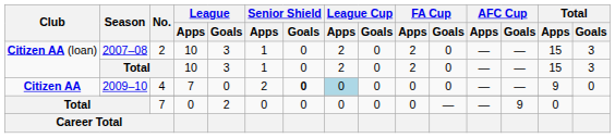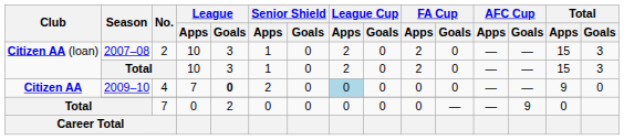 <table class="wikitable" style="text-align: center;">
 <tr>
 <th rowspan="2">Club</th>
 <th rowspan="2">Season</th>
 <th rowspan="2">No.</th>
 <th colspan="2"><a href='#'>League</a></th>
 <th colspan="2"><a href='#'>Senior Shield</a></th>
 <th colspan="2"><a href='#'>League Cup</a></th>
 <th colspan="2"><a href='#'>FA Cup</a></th>
 <th colspan="2"><a href='#'>AFC Cup</a></th>
 <th colspan="2">Total</th>
 </tr>
 <tr>
 <th>Apps</th>
 <th>Goals</th>
 <th>Apps</th>
 <th>Goals</th>
 <th>Apps</th>
 <th>Goals</th>
 <th>Apps</th>
 <th>Goals</th>
 <th>Apps</th>
 <th>Goals</th>
 <th>Apps</th>
 <th>Goals</th>
 </tr>
 <tr>
 <td rowspan="2" valign="top"><strong><a href='#'>Citizen AA</a></strong> (loan)</td>
 <td><a href='#'>2007–08</a></td>
 <td>2</td>
 <td>10</td>
 <td>3</td>
 <td>1</td>
 <td>0</td>
 <td>2</td>
 <td>0</td>
 <td>2</td>
 <td>0</td>
 <td>—</td>
 <td>—</td>
 <td>15</td>
 <td>3</td>
 </tr>
 <tr>
 <th colspan="2">Total</th>
 <td>10</td>
 <td>3</td>
 <td>1</td>
 <td>0</td>
 <td>2</td>
 <td>0</td>
 <td>2</td>
 <td>0</td>
 <td>—</td>
 <td>—</td>
 <td>15</td>
 <td>3</td>
 </tr>
 <tr>
 <td rowspan="2" valign="top"><strong><a href='#'>Citizen AA</a></strong></td>
 <td><a href='#'>2009–10</a></td>
 <td>4</td>
 <td>7</td>
+<td><strong>0</strong></td>
+<td>2</td>
 <td>0</td>
-<td>2</td>
-<td><strong>0</strong></td>
 <td style="background: lightblue;">0</td>
 <td>0</td>
 <td>0</td>
 <td>0</td>
 <td>—</td>
 <td>—</td>
 <td>9</td>
 <td>0</td>
 </tr>
 <tr>
 </tr>
 <tr align=center>
 <th colspan="2">Total</th>
 <td>7</td>
 <td>0</td>
 <td>2</td>
 <td>0</td>
 <td>0</td>
 <td>0</td>
 <td>0</td>
 <td>0</td>
 <td>—</td>
 <td>—</td>
 <td>9</td>
 <td>0</td>
 </tr>
 <tr>
 <th colspan="3">Career Total</th>
 <th></th>
 <th></th>
 <th></th>
 <th></th>
 <th></th>
 <th></th>
 <th></th>
 <th></th>
 <th></th>
 <th></th>
 <th></th>
 <th></th>
 </tr>
 </table>
